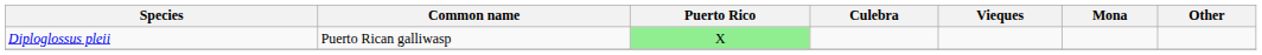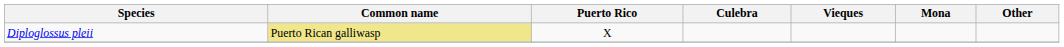 <table width=90% class="wikitable">
 <tr>
 <th width=25%>Species</th>
 <th width=25%>Common name</th>
 <th>Puerto Rico</th>
 <th>Culebra</th>
 <th>Vieques</th>
 <th>Mona</th>
 <th>Other</th>
 </tr>
 <tr>
 <td><em><a href='#'>Diploglossus pleii</a></em></td>
-<td>Puerto Rican galliwasp</td>
-<td align=center style="background: lightgreen;">X</td>
+<td style="background: khaki;">Puerto Rican galliwasp</td>
+<td align=center>X</td>
 <td></td>
 <td></td>
 <td></td>
 <td></td>
 </tr>
 <tr>
 </tr>
 </table>
